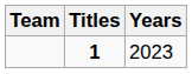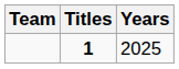 <table class="wikitable sortable" style="text-align:center">
 <tr>
 <th>Team</th>
 <th>Titles</th>
 <th>Years</th>
 </tr>
 <tr>
 <td style=><em></em></td>
 <td><strong>1</strong></td>
-<td align=left>2023</td>
+<td align=left>2025</td>
 </tr>
 </table>
